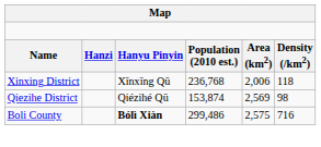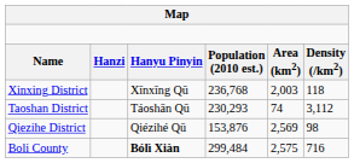 <table class="wikitable" align=center>
 <tr>
 <th colspan="6">Map</th>
 </tr>
 <tr>
 <td colspan="6"><div><br>       </div></td>
 </tr>
 <tr>
 <th>Name</th>
 <th><a href='#'>Hanzi</a></th>
 <th><a href='#'>Hanyu Pinyin</a></th>
 <th>Population<br>(2010 est.)</th>
 <th>Area<br>(km<sup>2</sup>)</th>
 <th>Density<br>(/km<sup>2</sup>)</th>
 </tr>
 <tr --------->
 <td><a href='#'>Xinxing District</a></td>
 <td></td>
 <td>Xīnxīng Qū</td>
 <td>236,768</td>
-<td>2,006</td>
+<td>2,003</td>
 <td>118</td>
+</tr>
+<tr --------->
+<td><a href='#'>Taoshan District</a></td>
+<td></td>
+<td>Táoshān Qū</td>
+<td>230,293</td>
+<td>74</td>
+<td>3,112</td>
 </tr>
 <tr --------->
 <td><a href='#'>Qiezihe District</a></td>
 <td></td>
 <td>Qiézihé Qū</td>
-<td>153,874</td>
+<td>153,876</td>
 <td>2,569</td>
 <td>98</td>
 </tr>
 <tr --------->
 <td><a href='#'>Boli County</a></td>
 <td></td>
 <td><strong>Bólì Xiàn</strong></td>
-<td>299,486</td>
+<td>299,484</td>
 <td>2,575</td>
 <td>716</td>
 </tr>
 </table>
